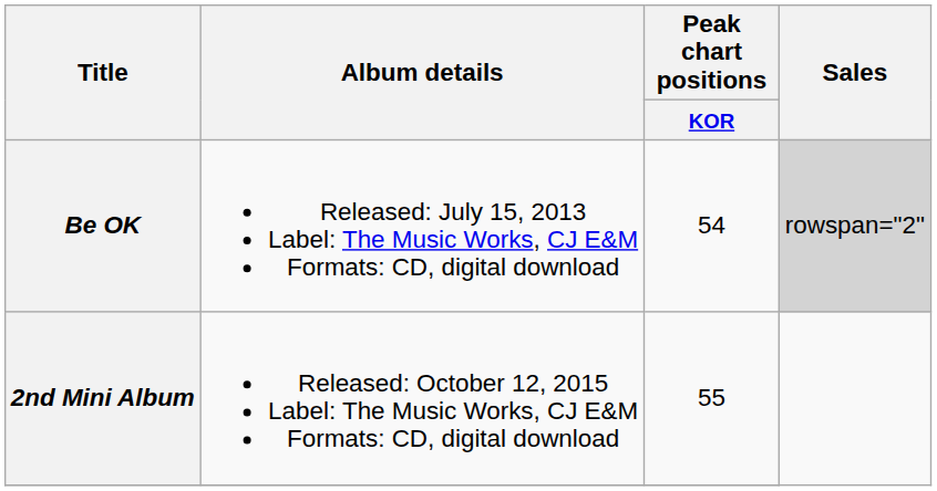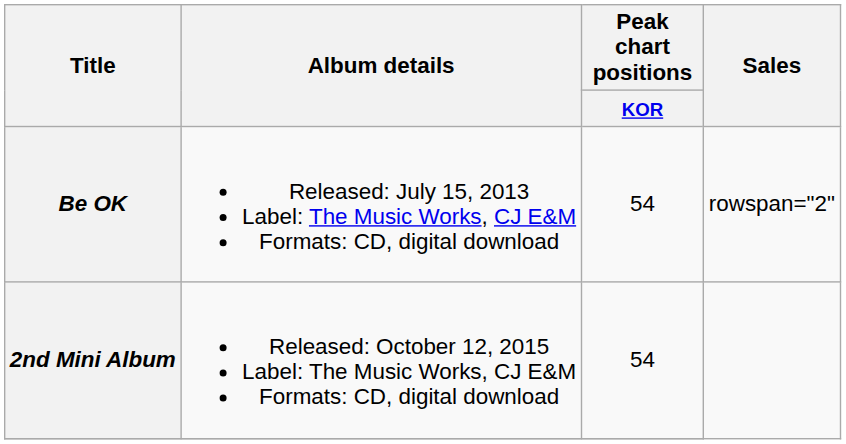 <table class="wikitable plainrowheaders" style="text-align:center;">
 <tr>
 <th scope="col" rowspan="2">Title</th>
 <th scope="col" rowspan="2">Album details</th>
 <th scope="col" colspan="1" style="width:5em;">Peak chart positions</th>
 <th scope="col" rowspan="2">Sales</th>
 </tr>
 <tr>
 <th><small><a href='#'>KOR</a></small><br></th>
 </tr>
 <tr>
 <th scope="row"><em>Be OK</em></th>
 <td><br><ul><li>Released: July 15, 2013</li><li>Label: <a href='#'>The Music Works</a>, <a href='#'>CJ E&M</a></li><li>Formats: CD, digital download</li></ul></td>
 <td>54</td>
-<td style="background: lightgrey;">rowspan="2" </td>
+<td>rowspan="2" </td>
 </tr>
 <tr>
 <th scope="row"><em>2nd Mini Album</em></th>
 <td><br><ul><li>Released: October 12, 2015</li><li>Label: The Music Works, CJ E&M</li><li>Formats: CD, digital download</li></ul></td>
-<td>55</td>
+<td>54</td>
 </tr>
 <tr>
 </tr>
 </table>
